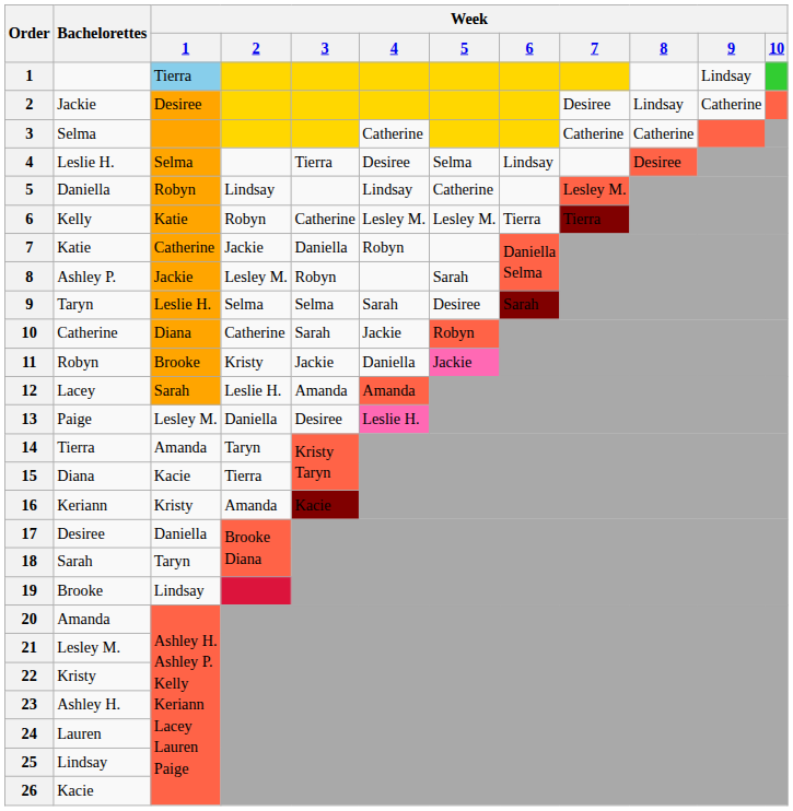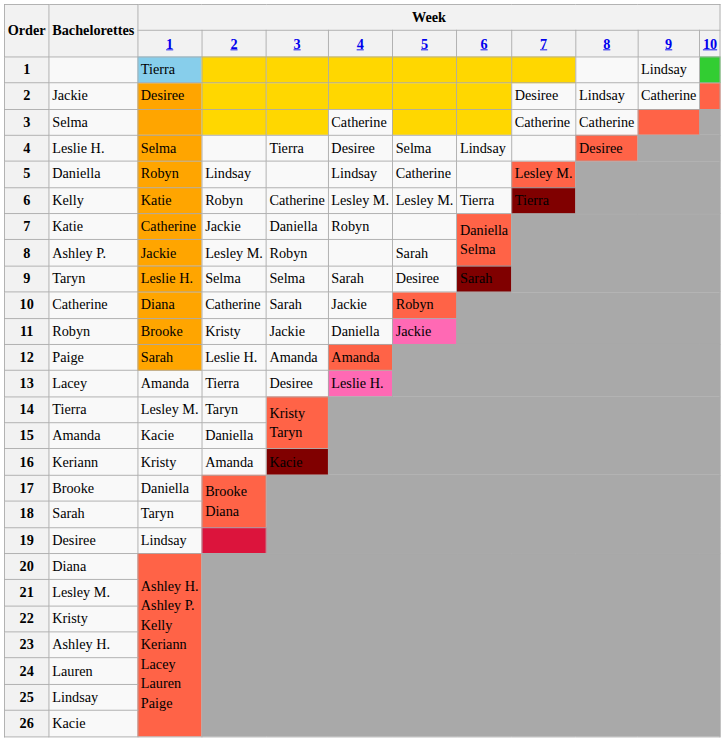 <table class="wikitable" style="line-height:22px" style="text-align:center">
 <tr>
 <th rowspan=2>Order</th>
 <th rowspan=2>Bachelorettes</th>
 <th colspan="10">Week</th>
 </tr>
 <tr>
 <th><a href='#'>1</a></th>
 <th><a href='#'>2</a></th>
 <th><a href='#'>3</a></th>
 <th><a href='#'>4</a></th>
 <th><a href='#'>5</a></th>
 <th><a href='#'>6</a></th>
 <th><a href='#'>7</a></th>
 <th><a href='#'>8</a></th>
 <th><a href='#'>9</a></th>
 <th><a href='#'>10</a></th>
 </tr>
 <tr>
 <th>1</th>
 <td></td>
 <td bgcolor="skyblue">Tierra</td>
 <td bgcolor="gold"></td>
 <td bgcolor="gold"></td>
 <td bgcolor="gold"></td>
 <td bgcolor="gold"></td>
 <td bgcolor="gold"></td>
 <td bgcolor="gold"></td>
 <td></td>
 <td>Lindsay</td>
 <td bgcolor="limegreen"></td>
 </tr>
 <tr>
 <th>2</th>
 <td>Jackie</td>
 <td bgcolor="orange">Desiree</td>
 <td bgcolor="gold"></td>
 <td bgcolor="gold"></td>
 <td bgcolor="gold"></td>
 <td bgcolor="gold"></td>
 <td bgcolor="gold"></td>
 <td>Desiree</td>
 <td>Lindsay</td>
 <td>Catherine</td>
 <td bgcolor="tomato"></td>
 </tr>
 <tr>
 <th>3</th>
 <td>Selma</td>
 <td bgcolor="orange"></td>
 <td bgcolor="gold"></td>
 <td bgcolor="gold"></td>
 <td>Catherine</td>
 <td bgcolor="gold"></td>
 <td bgcolor="gold"></td>
 <td>Catherine</td>
 <td>Catherine</td>
 <td bgcolor="tomato"></td>
 <td bgcolor="A9A9A9"></td>
 </tr>
 <tr>
 <th>4</th>
 <td>Leslie H.</td>
 <td bgcolor="orange">Selma</td>
 <td></td>
 <td>Tierra</td>
 <td>Desiree</td>
 <td>Selma</td>
 <td>Lindsay</td>
 <td></td>
 <td bgcolor="tomato">Desiree</td>
 <td bgcolor="A9A9A9" colspan="2"></td>
 </tr>
 <tr>
 <th>5</th>
 <td>Daniella</td>
 <td bgcolor="orange">Robyn</td>
 <td>Lindsay</td>
 <td></td>
 <td>Lindsay</td>
 <td>Catherine</td>
 <td></td>
 <td bgcolor="tomato">Lesley M.</td>
 <td bgcolor="A9A9A9" colspan="3" rowspan="2"></td>
 </tr>
 <tr>
 <th>6</th>
 <td>Kelly</td>
 <td bgcolor="orange">Katie</td>
 <td>Robyn</td>
 <td>Catherine</td>
 <td>Lesley M.</td>
 <td>Lesley M.</td>
 <td>Tierra</td>
 <td bgcolor="maroon"><span>Tierra</span></td>
 </tr>
 <tr>
 <th>7</th>
 <td>Katie</td>
 <td bgcolor="orange">Catherine</td>
 <td>Jackie</td>
 <td>Daniella</td>
 <td>Robyn</td>
 <td></td>
 <td bgcolor="tomato" rowspan="2">Daniella<br>Selma</td>
 <td bgcolor="A9A9A9" colspan="4" rowspan="3"></td>
 </tr>
 <tr>
 <th>8</th>
 <td>Ashley P.</td>
 <td bgcolor="orange">Jackie</td>
 <td>Lesley M.</td>
 <td>Robyn</td>
 <td></td>
 <td>Sarah</td>
 </tr>
 <tr>
 <th>9</th>
 <td>Taryn</td>
 <td bgcolor="orange">Leslie H.</td>
 <td>Selma</td>
 <td>Selma</td>
 <td>Sarah</td>
 <td>Desiree</td>
 <td bgcolor="maroon"><span>Sarah</span></td>
 </tr>
 <tr>
 <th>10</th>
 <td>Catherine</td>
 <td bgcolor="orange">Diana</td>
 <td>Catherine</td>
 <td>Sarah</td>
 <td>Jackie</td>
 <td bgcolor="tomato">Robyn</td>
 <td bgcolor="A9A9A9" colspan="5" rowspan="2"></td>
 </tr>
 <tr>
 <th>11</th>
 <td>Robyn</td>
 <td bgcolor="orange">Brooke</td>
 <td>Kristy</td>
 <td>Jackie</td>
 <td>Daniella</td>
 <td bgcolor="hotpink">Jackie</td>
 </tr>
 <tr>
 <th>12</th>
-<td>Lacey</td>
+<td>Paige</td>
 <td bgcolor="orange">Sarah</td>
 <td>Leslie H.</td>
 <td>Amanda</td>
 <td bgcolor="tomato">Amanda</td>
 <td bgcolor="A9A9A9" colspan="6" rowspan="2"></td>
 </tr>
 <tr>
 <th>13</th>
-<td>Paige</td>
-<td>Lesley M.</td>
-<td>Daniella</td>
+<td>Lacey</td>
+<td>Amanda</td>
+<td>Tierra</td>
 <td>Desiree</td>
 <td bgcolor="hotpink">Leslie H.</td>
 </tr>
 <tr>
 <th>14</th>
 <td>Tierra</td>
-<td>Amanda</td>
+<td>Lesley M.</td>
 <td>Taryn</td>
 <td bgcolor="tomato" rowspan="2">Kristy<br>Taryn</td>
 <td bgcolor="A9A9A9" colspan="7" rowspan="3"></td>
 </tr>
 <tr>
 <th>15</th>
-<td>Diana</td>
+<td>Amanda</td>
 <td>Kacie</td>
-<td>Tierra</td>
+<td>Daniella</td>
 </tr>
 <tr>
 <th>16</th>
 <td>Keriann</td>
 <td>Kristy</td>
 <td>Amanda</td>
 <td bgcolor="maroon"><span>Kacie</span></td>
 </tr>
 <tr>
 <th>17</th>
-<td>Desiree</td>
+<td>Brooke</td>
 <td>Daniella</td>
 <td bgcolor="tomato" rowspan="2">Brooke<br>Diana</td>
 <td bgcolor="A9A9A9" colspan="8" rowspan="3"></td>
 </tr>
 <tr>
 <th>18</th>
 <td>Sarah</td>
 <td>Taryn</td>
 </tr>
 <tr>
 <th>19</th>
-<td>Brooke</td>
+<td>Desiree</td>
 <td>Lindsay</td>
 <td bgcolor="crimson"></td>
 </tr>
 <tr>
 <th>20</th>
-<td>Amanda</td>
+<td>Diana</td>
 <td bgcolor="tomato" rowspan="7">Ashley H.<br>Ashley P.<br>Kelly<br>Keriann<br>Lacey<br>Lauren<br>Paige</td>
 <td bgcolor="A9A9A9" colspan="9" rowspan="7"></td>
 </tr>
 <tr>
 <th>21</th>
 <td>Lesley M.</td>
 </tr>
 <tr>
 <th>22</th>
 <td>Kristy</td>
 </tr>
 <tr>
 <th>23</th>
 <td>Ashley H.</td>
 </tr>
 <tr>
 <th>24</th>
 <td>Lauren</td>
 </tr>
 <tr>
 <th>25</th>
 <td>Lindsay</td>
 </tr>
 <tr>
 <th>26</th>
 <td>Kacie</td>
 </tr>
 </table>
